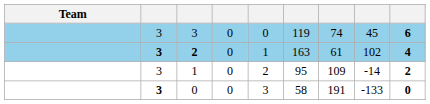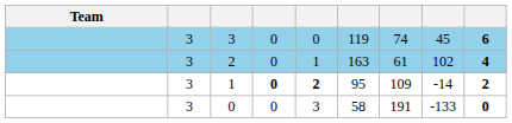 <table class=wikitable style="text-align:center">
 <tr>
 <th width=175>Team</th>
 <th width=40></th>
 <th width=40></th>
 <th width=40></th>
 <th width=40></th>
 <th width=40></th>
 <th width=40></th>
 <th width=40></th>
 <th width=40></th>
 </tr>
 <tr style="background:#93d0ea;">
 <td align=left></td>
 <td>3</td>
 <td>3</td>
 <td>0</td>
 <td>0</td>
 <td>119</td>
 <td>74</td>
 <td>45</td>
 <td><strong>6</strong></td>
 </tr>
 <tr style="background:#93d0ea;">
 <td align=left></td>
-<td><strong>3</strong></td>
-<td><strong>2</strong></td>
+<td>3</td>
+<td>2</td>
 <td>0</td>
 <td>1</td>
 <td>163</td>
 <td>61</td>
 <td>102</td>
 <td><strong>4</strong></td>
 </tr>
 <tr style="background:white;">
 <td align=left></td>
 <td>3</td>
 <td>1</td>
-<td>0</td>
-<td>2</td>
+<td><strong>0</strong></td>
+<td><strong>2</strong></td>
 <td>95</td>
 <td>109</td>
 <td>-14</td>
 <td><strong>2</strong></td>
 </tr>
 <tr style="background:white;">
 <td align=left></td>
-<td><strong>3</strong></td>
+<td>3</td>
 <td>0</td>
 <td>0</td>
 <td>3</td>
 <td>58</td>
 <td>191</td>
 <td>-133</td>
 <td><strong>0</strong></td>
 </tr>
 </table>
